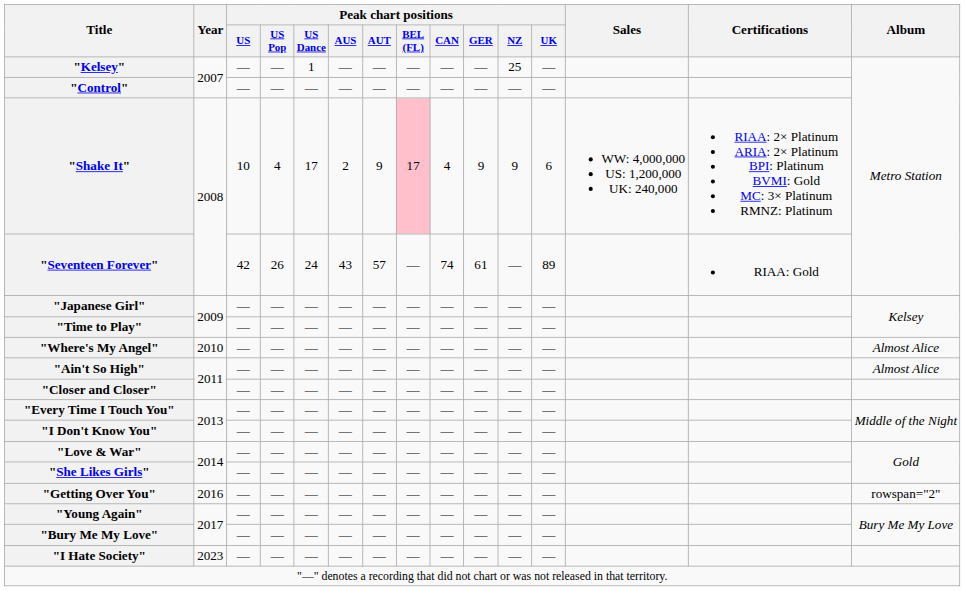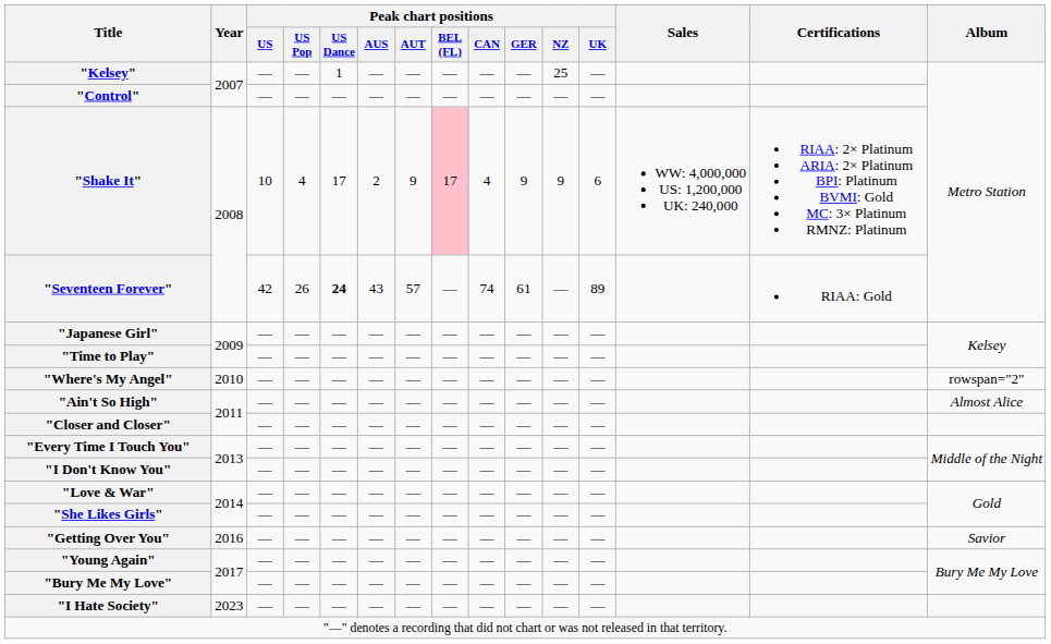 <table class="wikitable plainrowheaders" style="text-align:center;">
 <tr>
 <th rowspan="2" style="width:14em;">Title</th>
 <th rowspan="2">Year</th>
 <th colspan="10">Peak chart positions</th>
 <th rowspan="2">Sales</th>
 <th rowspan="2" style="width:12em;">Certifications</th>
 <th rowspan="2">Album</th>
 </tr>
 <tr style="font-size:smaller;">
 <th style="width:35px;"><a href='#'>US</a><br></th>
 <th style="width:35px;"><a href='#'>US Pop</a><br></th>
 <th style="width:35px;"><a href='#'>US Dance</a><br></th>
 <th style="width:35px;"><a href='#'>AUS</a><br></th>
 <th style="width:35px;"><a href='#'>AUT</a><br></th>
 <th style="width:35px;"><a href='#'>BEL (FL)</a><br></th>
 <th style="width:35px;"><a href='#'>CAN</a><br></th>
 <th style="width:35px;"><a href='#'>GER</a><br></th>
 <th style="width:35px;"><a href='#'>NZ</a><br></th>
 <th style="width:35px;"><a href='#'>UK</a><br></th>
 </tr>
 <tr>
 <th scope="row">"<a href='#'>Kelsey</a>"</th>
 <td rowspan="2">2007</td>
 <td>—</td>
 <td>—</td>
 <td>1</td>
 <td>—</td>
 <td>—</td>
 <td>—</td>
 <td>—</td>
 <td>—</td>
 <td>25</td>
 <td>—</td>
 <td></td>
 <td></td>
 <td rowspan="4"><em>Metro Station</em></td>
 </tr>
 <tr>
 <th scope="row">"<a href='#'>Control</a>"</th>
 <td>—</td>
 <td>—</td>
 <td>—</td>
 <td>—</td>
 <td>—</td>
 <td>—</td>
 <td>—</td>
 <td>—</td>
 <td>—</td>
 <td>—</td>
 <td></td>
 <td></td>
 </tr>
 <tr>
 <th scope="row">"<a href='#'>Shake It</a>"</th>
 <td rowspan="2">2008</td>
 <td>10</td>
 <td>4</td>
 <td>17</td>
 <td>2</td>
 <td>9</td>
 <td style="background: pink;">17</td>
 <td>4</td>
 <td>9</td>
 <td>9</td>
 <td>6</td>
 <td><br><ul><li>WW: 4,000,000</li><li>US: 1,200,000</li><li>UK: 240,000</li></ul></td>
 <td><br><ul><li><a href='#'>RIAA</a>: 2× Platinum</li><li><a href='#'>ARIA</a>: 2× Platinum</li><li><a href='#'>BPI</a>: Platinum</li><li><a href='#'>BVMI</a>: Gold</li><li><a href='#'>MC</a>: 3× Platinum</li><li>RMNZ: Platinum</li></ul></td>
 </tr>
 <tr>
 <th scope="row">"<a href='#'>Seventeen Forever</a>"</th>
 <td>42</td>
 <td>26</td>
-<td>24</td>
+<td><strong>24</strong></td>
 <td>43</td>
 <td>57</td>
 <td>—</td>
 <td>74</td>
 <td>61</td>
 <td>—</td>
 <td>89</td>
 <td></td>
 <td><br><ul><li>RIAA: Gold</li></ul></td>
 </tr>
 <tr>
 <th scope="row">"Japanese Girl"</th>
 <td rowspan="2">2009</td>
 <td>—</td>
 <td>—</td>
 <td>—</td>
 <td>—</td>
 <td>—</td>
 <td>—</td>
 <td>—</td>
 <td>—</td>
 <td>—</td>
 <td>—</td>
 <td></td>
 <td></td>
 <td rowspan="2"><em>Kelsey</em></td>
 </tr>
 <tr>
 <th scope="row">"Time to Play"</th>
 <td>—</td>
 <td>—</td>
 <td>—</td>
 <td>—</td>
 <td>—</td>
 <td>—</td>
 <td>—</td>
 <td>—</td>
 <td>—</td>
 <td>—</td>
 <td></td>
 <td></td>
 </tr>
 <tr>
 <th scope="row">"Where's My Angel"</th>
 <td>2010</td>
 <td>—</td>
 <td>—</td>
 <td>—</td>
 <td>—</td>
 <td>—</td>
 <td>—</td>
 <td>—</td>
 <td>—</td>
 <td>—</td>
 <td>—</td>
 <td></td>
 <td></td>
-<td><em>Almost Alice</em></td>
+<td>rowspan="2" </td>
 </tr>
 <tr>
 <th scope="row">"Ain't So High"</th>
 <td rowspan="2">2011</td>
 <td>—</td>
 <td>—</td>
 <td>—</td>
 <td>—</td>
 <td>—</td>
 <td>—</td>
 <td>—</td>
 <td>—</td>
 <td>—</td>
 <td>—</td>
 <td></td>
 <td></td>
 <td><em>Almost Alice</em></td>
 </tr>
 <tr>
 <th scope="row">"Closer and Closer"</th>
 <td>—</td>
 <td>—</td>
 <td>—</td>
 <td>—</td>
 <td>—</td>
 <td>—</td>
 <td>—</td>
 <td>—</td>
 <td>—</td>
 <td>—</td>
 <td></td>
 <td></td>
 </tr>
 <tr>
 <th scope="row">"Every Time I Touch You"</th>
 <td rowspan="2">2013</td>
 <td>—</td>
 <td>—</td>
 <td>—</td>
 <td>—</td>
 <td>—</td>
 <td>—</td>
 <td>—</td>
 <td>—</td>
 <td>—</td>
 <td>—</td>
 <td></td>
 <td></td>
 <td rowspan="2"><em>Middle of the Night</em></td>
 </tr>
 <tr>
 <th scope="row">"I Don't Know You"</th>
 <td>—</td>
 <td>—</td>
 <td>—</td>
 <td>—</td>
 <td>—</td>
 <td>—</td>
 <td>—</td>
 <td>—</td>
 <td>—</td>
 <td>—</td>
 <td></td>
 <td></td>
 </tr>
 <tr>
 <th scope="row">"Love & War"</th>
 <td rowspan="2">2014</td>
 <td>—</td>
 <td>—</td>
 <td>—</td>
 <td>—</td>
 <td>—</td>
 <td>—</td>
 <td>—</td>
 <td>—</td>
 <td>—</td>
 <td>—</td>
 <td></td>
 <td></td>
 <td rowspan="2"><em>Gold</em></td>
 </tr>
 <tr>
 <th scope="row">"<a href='#'>She Likes Girls</a>"</th>
 <td>—</td>
 <td>—</td>
 <td>—</td>
 <td>—</td>
 <td>—</td>
 <td>—</td>
 <td>—</td>
 <td>—</td>
 <td>—</td>
 <td>—</td>
 <td></td>
 <td></td>
 </tr>
 <tr>
 <th scope="row">"Getting Over You" </th>
 <td>2016</td>
 <td>—</td>
 <td>—</td>
 <td>—</td>
 <td>—</td>
 <td>—</td>
 <td>—</td>
 <td>—</td>
 <td>—</td>
 <td>—</td>
 <td>—</td>
 <td></td>
 <td></td>
-<td>rowspan="2" </td>
+<td><em>Savior</em></td>
 </tr>
 <tr>
 <th scope="row">"Young Again"</th>
 <td rowspan="2">2017</td>
 <td>—</td>
 <td>—</td>
 <td>—</td>
 <td>—</td>
 <td>—</td>
 <td>—</td>
 <td>—</td>
 <td>—</td>
 <td>—</td>
 <td>—</td>
 <td></td>
 <td></td>
 <td rowspan="2"><em>Bury Me My Love</em></td>
 </tr>
 <tr>
 <th scope="row">"Bury Me My Love"</th>
 <td>—</td>
 <td>—</td>
 <td>—</td>
 <td>—</td>
 <td>—</td>
 <td>—</td>
 <td>—</td>
 <td>—</td>
 <td>—</td>
 <td>—</td>
 <td></td>
 <td></td>
 </tr>
 <tr>
 <th scope="row">"I Hate Society"</th>
 <td>2023</td>
 <td>—</td>
 <td>—</td>
 <td>—</td>
 <td>—</td>
 <td>—</td>
 <td>—</td>
 <td>—</td>
 <td>—</td>
 <td>—</td>
 <td>—</td>
 <td></td>
 <td></td>
 <td></td>
 </tr>
 <tr>
 <td colspan="16" style="font-size:90%">"—" denotes a recording that did not chart or was not released in that territory.</td>
 </tr>
 </table>
